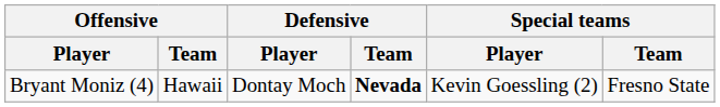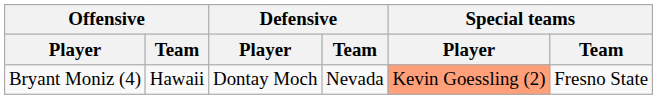 <table class="wikitable">
 <tr>
 <th colspan="2">Offensive</th>
 <th colspan="2">Defensive</th>
 <th colspan="2">Special teams</th>
 </tr>
 <tr>
 <th>Player</th>
 <th>Team</th>
 <th>Player</th>
 <th>Team</th>
 <th>Player</th>
 <th>Team</th>
 </tr>
 <tr>
 <td>Bryant Moniz (4)</td>
 <td>Hawaii</td>
 <td>Dontay Moch</td>
-<td><strong>Nevada</strong></td>
-<td>Kevin Goessling (2)</td>
+<td>Nevada</td>
+<td style="background: lightsalmon;">Kevin Goessling (2)</td>
 <td>Fresno State</td>
 </tr>
 </table>
